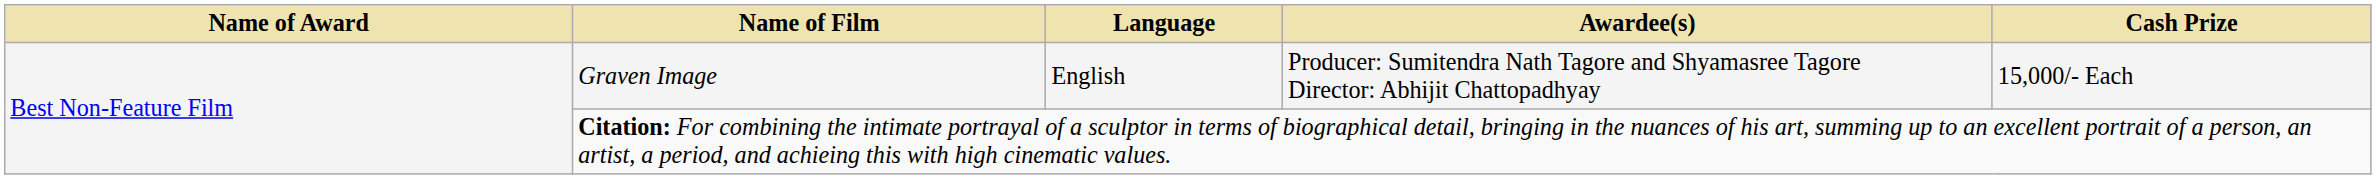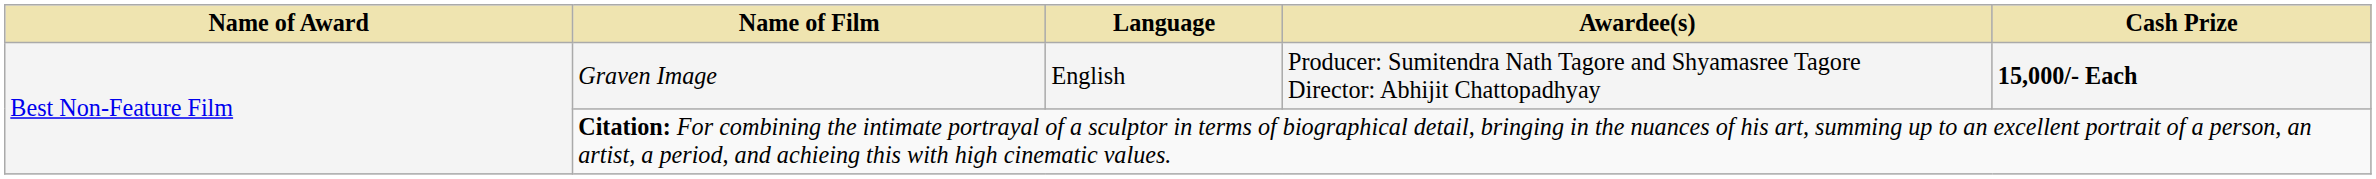 <table class="wikitable">
 <tr>
 <th style="background-color:#EFE4B0;width:24%;">Name of Award</th>
 <th style="background-color:#EFE4B0;width:20%;">Name of Film</th>
 <th style="background-color:#EFE4B0;width:10%;">Language</th>
 <th style="background-color:#EFE4B0;width:30%;">Awardee(s)</th>
 <th style="background-color:#EFE4B0;width:16%;">Cash Prize</th>
 </tr>
 <tr style="background-color:#F4F4F4">
 <td rowspan="2"><a href='#'>Best Non-Feature Film</a></td>
 <td><em>Graven Image</em></td>
 <td>English</td>
 <td>Producer: Sumitendra Nath Tagore and Shyamasree Tagore<br>Director: Abhijit Chattopadhyay</td>
-<td> 15,000/- Each</td>
+<td><strong> 15,000/- Each</strong></td>
 </tr>
 <tr style="background-color:#F9F9F9">
 <td colspan="4"><strong>Citation:</strong> <em>For combining the intimate portrayal of a sculptor in terms of biographical detail, bringing in the nuances of his art, summing up to an excellent portrait of a person, an artist, a period, and achieing this with high cinematic values.</em></td>
 </tr>
 </table>
